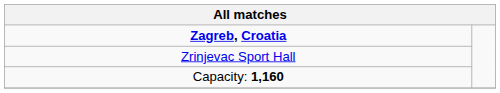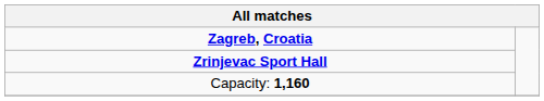 <table class="wikitable" style="text-align: center; width: 600px;">
 <tr>
 <th colspan="2" style="width: 50%;">All matches</th>
 </tr>
 <tr>
 <td><strong> <a href='#'>Zagreb</a>, <a href='#'>Croatia</a></strong></td>
 <td rowspan="3"></td>
 </tr>
 <tr>
-<td><a href='#'>Zrinjevac Sport Hall</a></td>
+<td><strong><a href='#'>Zrinjevac Sport Hall</a></strong></td>
 </tr>
 <tr>
 <td>Capacity: <strong>1,160</strong></td>
 </tr>
 <tr>
 </tr>
 </table>
